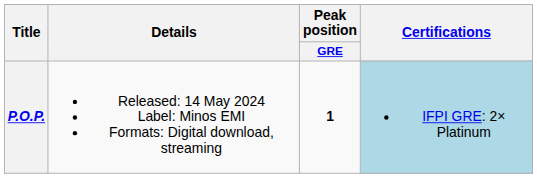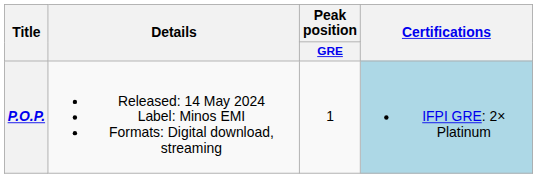 <table class="wikitable plainrowheaders" style="text-align:center">
 <tr>
 <th scope="col" rowspan="2">Title</th>
 <th scope="col" rowspan="2">Details</th>
 <th scope="col" colspan="1">Peak position</th>
 <th scope="col" rowspan="2"><a href='#'>Certifications</a></th>
 </tr>
 <tr>
 <th scope="col" style="width:3em;font-size:85%;"><a href='#'>GRE</a><br></th>
 </tr>
 <tr>
 <th scope="row"><em><a href='#'>P.O.P.</a></em></th>
 <td><br><ul><li>Released: 14 May 2024</li><li>Label: Minos EMI</li><li>Formats: Digital download, streaming</li></ul></td>
-<td><strong>1</strong></td>
+<td>1</td>
 <td style="background: lightblue;"><br><ul><li><a href='#'>IFPI GRE</a>: 2× Platinum</li></ul></td>
 </tr>
 </table>
